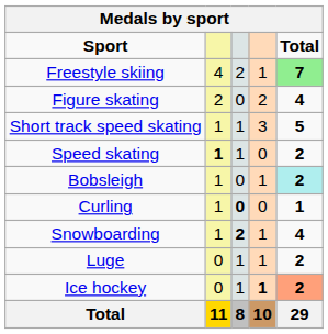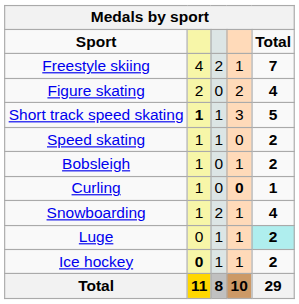 <table class="wikitable" style="font-size:85%;float:right;clear:right;margin-left:1em;">
 <tr style="background:#efefef;">
 <th colspan=5>Medals by sport</th>
 </tr>
 <tr align=center>
 <td><strong>Sport</strong></td>
 <td bgcolor=#f7f6a8></td>
 <td bgcolor=#dce5e5></td>
 <td bgcolor=#ffdab9></td>
 <td><strong>Total</strong></td>
 </tr>
 <tr align=center>
 <td><a href='#'>Freestyle skiing</a></td>
 <td style="background:#F7F6A8;">4</td>
 <td style="background:#DCE5E5;">2</td>
 <td style="background:#FFDAB9;">1</td>
-<td style="background: lightgreen;"><strong>7</strong></td>
+<td><strong>7</strong></td>
 </tr>
 <tr align=center>
 <td><a href='#'>Figure skating</a></td>
 <td style="background:#F7F6A8;">2</td>
 <td style="background:#DCE5E5;">0</td>
 <td style="background:#FFDAB9;">2</td>
 <td><strong>4</strong></td>
 </tr>
 <tr align=center>
 <td><a href='#'>Short track speed skating</a></td>
-<td style="background:#F7F6A8;">1</td>
+<td style="background:#F7F6A8;"><strong>1</strong></td>
 <td style="background:#DCE5E5;">1</td>
 <td style="background:#FFDAB9;">3</td>
 <td><strong>5</strong></td>
 </tr>
 <tr align=center>
 <td><a href='#'>Speed skating</a></td>
-<td style="background:#F7F6A8;"><strong>1</strong></td>
+<td style="background:#F7F6A8;">1</td>
 <td style="background:#DCE5E5;">1</td>
 <td style="background:#FFDAB9;">0</td>
 <td><strong>2</strong></td>
 </tr>
 <tr align=center>
 <td><a href='#'>Bobsleigh</a></td>
 <td style="background:#F7F6A8;">1</td>
 <td style="background:#DCE5E5;">0</td>
 <td style="background:#FFDAB9;">1</td>
-<td style="background: paleturquoise;"><strong>2</strong></td>
+<td><strong>2</strong></td>
 </tr>
 <tr align=center>
 <td><a href='#'>Curling</a></td>
 <td style="background:#F7F6A8;">1</td>
-<td style="background:#DCE5E5;"><strong>0</strong></td>
-<td style="background:#FFDAB9;">0</td>
+<td style="background:#DCE5E5;">0</td>
+<td style="background:#FFDAB9;"><strong>0</strong></td>
 <td><strong>1</strong></td>
 </tr>
 <tr align=center>
 <td><a href='#'>Snowboarding</a></td>
 <td style="background:#F7F6A8;">1</td>
-<td style="background:#DCE5E5;"><strong>2</strong></td>
+<td style="background:#DCE5E5;">2</td>
 <td style="background:#FFDAB9;">1</td>
 <td><strong>4</strong></td>
 </tr>
 <tr align=center>
 <td><a href='#'>Luge</a></td>
 <td style="background:#F7F6A8;">0</td>
 <td style="background:#DCE5E5;">1</td>
 <td style="background:#FFDAB9;">1</td>
-<td><strong>2</strong></td>
+<td style="background: paleturquoise;"><strong>2</strong></td>
 </tr>
 <tr align=center>
 <td><a href='#'>Ice hockey</a></td>
-<td style="background:#F7F6A8;">0</td>
+<td style="background:#F7F6A8;"><strong>0</strong></td>
 <td style="background:#DCE5E5;">1</td>
-<td style="background:#FFDAB9;"><strong>1</strong></td>
-<td style="background: lightsalmon;"><strong>2</strong></td>
+<td style="background:#FFDAB9;">1</td>
+<td><strong>2</strong></td>
 </tr>
 <tr align=center>
 <th>Total</th>
 <th style="background:gold;">11</th>
 <th style="background:silver;">8</th>
 <th style="background:#c96;">10</th>
 <th>29</th>
 </tr>
 </table>
